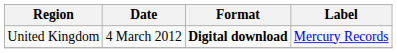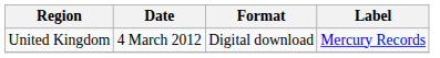 <table class=wikitable>
 <tr>
 <th>Region</th>
 <th>Date</th>
 <th>Format</th>
 <th>Label</th>
 </tr>
 <tr>
 <td>United Kingdom</td>
 <td>4 March 2012</td>
-<td><strong>Digital download</strong></td>
+<td>Digital download</td>
 <td><a href='#'>Mercury Records</a></td>
 </tr>
 <tr>
 </tr>
 </table>
